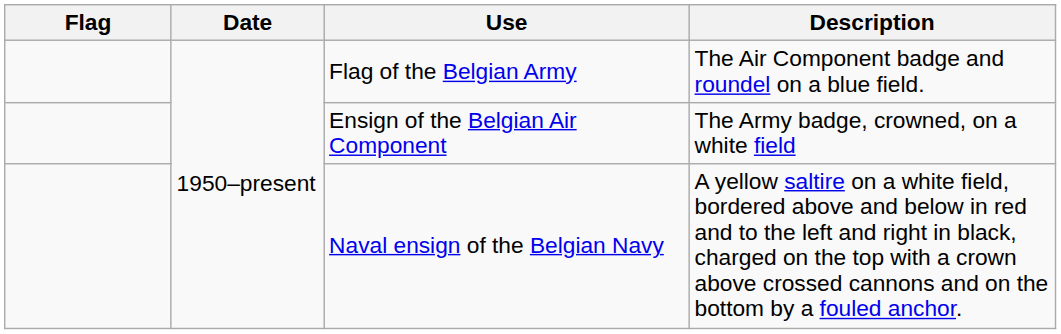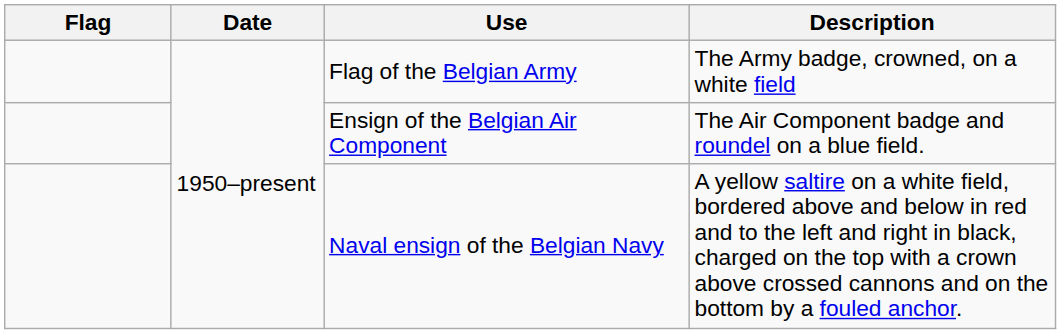 <table class="wikitable">
 <tr>
 <th style="width:110px;">Flag</th>
 <th style="width:100px;">Date</th>
 <th style="width:250px;">Use</th>
 <th style="width:250px;">Description</th>
 </tr>
 <tr>
 <td></td>
 <td rowspan="4">1950–present</td>
 <td>Flag of the <a href='#'>Belgian Army</a></td>
-<td>The Air Component badge and <a href='#'>roundel</a> on a blue field.</td>
+<td>The Army badge, crowned, on a white <a href='#'>field</a></td>
 </tr>
 <tr>
 <td></td>
 <td>Ensign of the <a href='#'>Belgian Air Component</a></td>
-<td>The Army badge, crowned, on a white <a href='#'>field</a></td>
+<td>The Air Component badge and <a href='#'>roundel</a> on a blue field.</td>
 </tr>
 <tr>
 <td></td>
 <td><a href='#'>Naval ensign</a> of the <a href='#'>Belgian Navy</a></td>
 <td>A yellow <a href='#'>saltire</a> on a white field, bordered above and below in red and to the left and right in black, charged on the top with a crown above crossed cannons and on the bottom by a <a href='#'>fouled anchor</a>.</td>
 </tr>
 </table>
